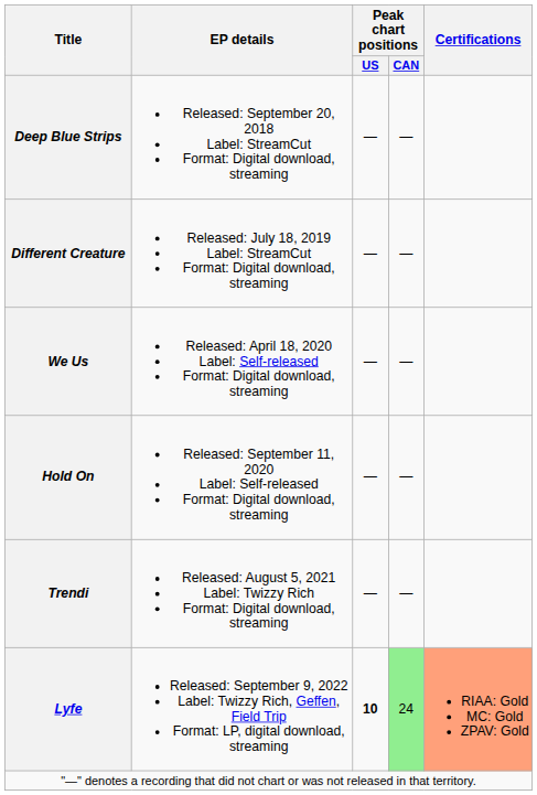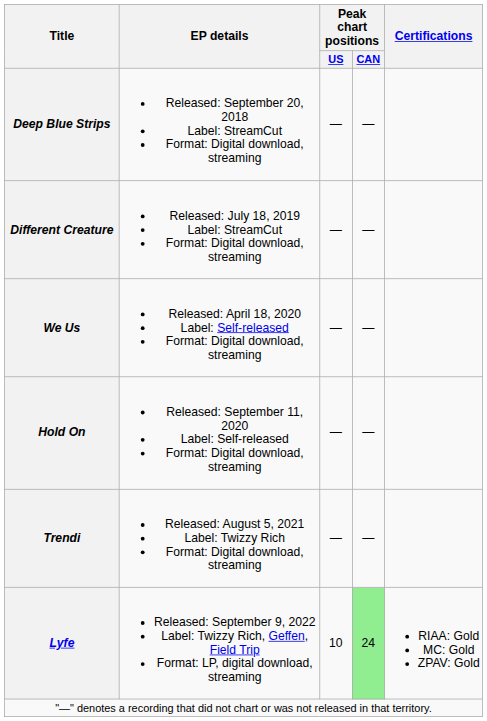 <table class="wikitable plainrowheaders" style="text-align: center;">
 <tr>
 <th scope="col" rowspan="2" style="width:9em;">Title</th>
 <th scope="col" rowspan="2" style="width:16em;">EP details</th>
 <th scope="col" colspan="2">Peak chart positions</th>
 <th scope="col" rowspan="2"><a href='#'>Certifications</a></th>
 </tr>
 <tr>
 <th scope="col" style="width:2.5em;font-size:90%;"><a href='#'>US</a><br></th>
 <th scope="col" style="width:2.5em;font-size:90%;"><a href='#'>CAN</a><br></th>
 </tr>
 <tr>
 <th scope="row"><em>Deep Blue Strips</em></th>
 <td><br><ul><li>Released: September 20, 2018</li><li>Label: StreamCut</li><li>Format: Digital download, streaming</li></ul></td>
 <td>—</td>
 <td>—</td>
 <td></td>
 </tr>
 <tr>
 <th scope="row"><em>Different Creature</em></th>
 <td><br><ul><li>Released: July 18, 2019</li><li>Label: StreamCut</li><li>Format: Digital download, streaming</li></ul></td>
 <td>—</td>
 <td>—</td>
 <td></td>
 </tr>
 <tr>
 <th scope="row"><em>We Us</em></th>
 <td><br><ul><li>Released: April 18, 2020</li><li>Label: <a href='#'>Self-released</a></li><li>Format: Digital download, streaming</li></ul></td>
 <td>—</td>
 <td>—</td>
 <td></td>
 </tr>
 <tr>
 <th scope="row"><em>Hold On</em></th>
 <td><br><ul><li>Released: September 11, 2020</li><li>Label: Self-released</li><li>Format: Digital download, streaming</li></ul></td>
 <td>—</td>
 <td>—</td>
 <td></td>
 </tr>
 <tr>
 <th scope="row"><em>Trendi</em></th>
 <td><br><ul><li>Released: August 5, 2021</li><li>Label: Twizzy Rich</li><li>Format: Digital download, streaming</li></ul></td>
 <td>—</td>
 <td>—</td>
 <td></td>
 </tr>
 <tr>
 <th scope="row"><em><a href='#'>Lyfe</a></em></th>
 <td><br><ul><li>Released: September 9, 2022</li><li>Label: Twizzy Rich, <a href='#'>Geffen</a>, <a href='#'>Field Trip</a></li><li>Format: LP, digital download, streaming</li></ul></td>
-<td><strong>10</strong></td>
+<td>10</td>
 <td style="background: lightgreen;">24</td>
-<td style="background: lightsalmon;"><br><ul><li>RIAA: Gold</li><li>MC: Gold</li><li>ZPAV: Gold</li></ul></td>
+<td><br><ul><li>RIAA: Gold</li><li>MC: Gold</li><li>ZPAV: Gold</li></ul></td>
 </tr>
 <tr>
 <td colspan="14" style="font-size:90%">"—" denotes a recording that did not chart or was not released in that territory.</td>
 </tr>
 </table>
